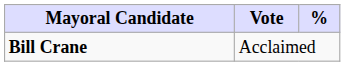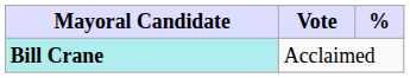 <table class="wikitable">
 <tr>
 <th style="background:#ddf; width:200px;">Mayoral Candidate</th>
 <th style="background:#ddf; width:50px;">Vote</th>
 <th style="background:#ddf; width:30px;">%</th>
 </tr>
 <tr>
-<td><strong>Bill Crane</strong></td>
+<td style="background: paleturquoise;"><strong>Bill Crane</strong></td>
 <td colspan="2">Acclaimed</td>
 </tr>
 </table>
